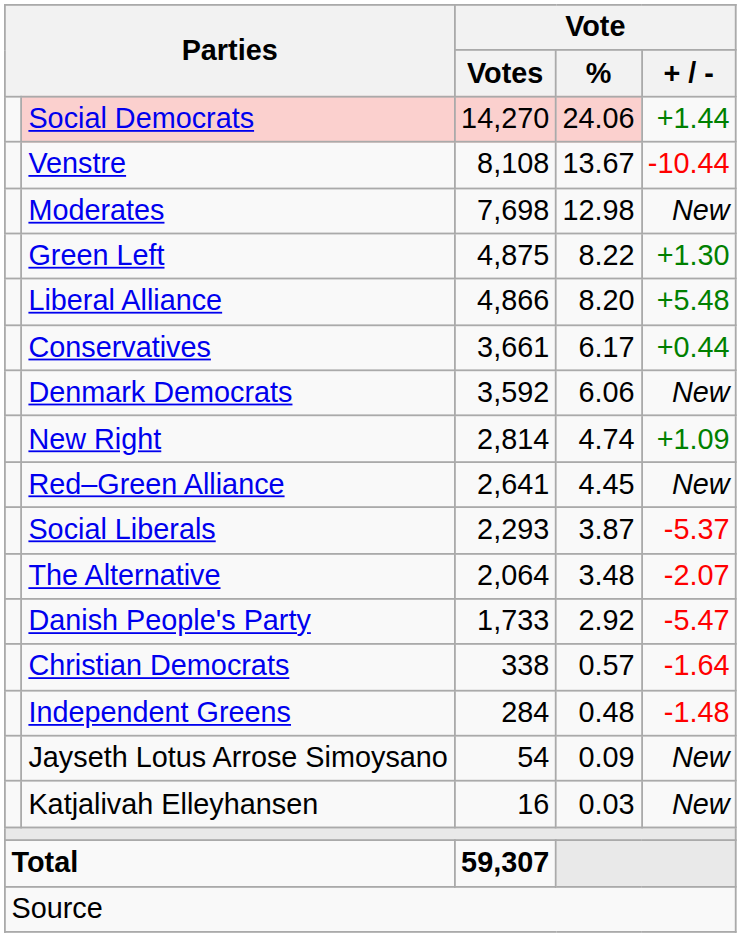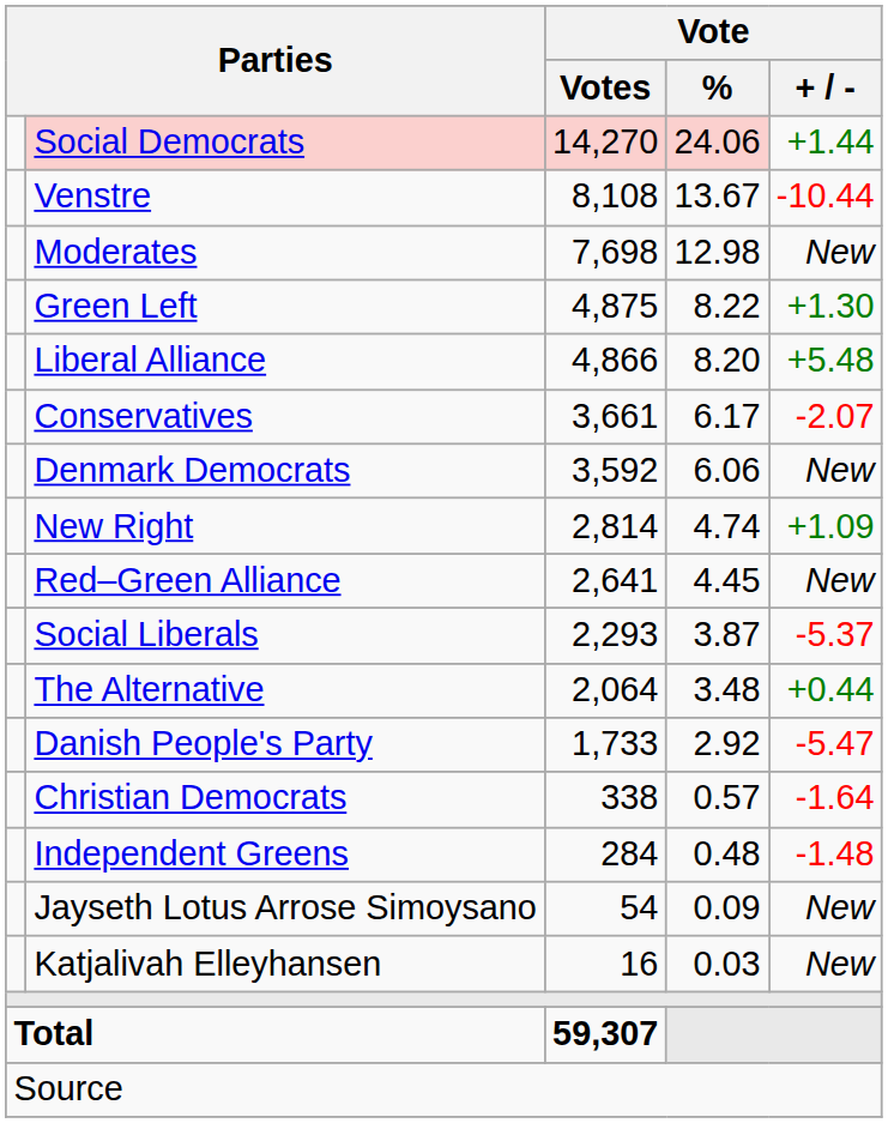 <table class="wikitable" style="text-align:right;">
 <tr>
 <th style="text-align:centre;" rowspan="2" colspan="2" width="225">Parties</th>
 <th colspan="3">Vote</th>
 </tr>
 <tr>
 <th width="15">Votes</th>
 <th width="15">%</th>
 <th width="15">+ / -</th>
 </tr>
 <tr>
 <td width="2" style="color:inherit;background:"></td>
 <td bgcolor=#fbd0ce  align="left"><a href='#'>Social Democrats</a></td>
 <td bgcolor=#fbd0ce>14,270</td>
 <td bgcolor=#fbd0ce>24.06</td>
 <td style=color:green;>+1.44</td>
 </tr>
 <tr>
 <td width="2" style="color:inherit;background:"></td>
 <td align="left"><a href='#'>Venstre</a></td>
 <td>8,108</td>
 <td>13.67</td>
 <td style=color:red;>-10.44</td>
 </tr>
 <tr>
 <td width="2" style="color:inherit;background:"></td>
 <td align="left"><a href='#'>Moderates</a></td>
 <td>7,698</td>
 <td>12.98</td>
 <td><em>New</em></td>
 </tr>
 <tr>
 <td width="2" style="color:inherit;background:"></td>
 <td align="left"><a href='#'>Green Left</a></td>
 <td>4,875</td>
 <td>8.22</td>
 <td style=color:green;>+1.30</td>
 </tr>
 <tr>
 <td width="2" style="color:inherit;background:"></td>
 <td align="left"><a href='#'>Liberal Alliance</a></td>
 <td>4,866</td>
 <td>8.20</td>
 <td style=color:green;>+5.48</td>
 </tr>
 <tr>
 <td width="2" style="color:inherit;background:"></td>
 <td align="left"><a href='#'>Conservatives</a></td>
 <td>3,661</td>
 <td>6.17</td>
-<td style=color:green;>+0.44</td>
+<td style=color:red;>-2.07</td>
 </tr>
 <tr>
 <td width="2" style="color:inherit;background:"></td>
 <td align="left"><a href='#'>Denmark Democrats</a></td>
 <td>3,592</td>
 <td>6.06</td>
 <td><em>New</em></td>
 </tr>
 <tr>
 <td width="2" style="color:inherit;background:"></td>
 <td align="left"><a href='#'>New Right</a></td>
 <td>2,814</td>
 <td>4.74</td>
 <td style=color:green;>+1.09</td>
 </tr>
 <tr>
 <td width="2" style="color:inherit;background:"></td>
 <td align="left"><a href='#'>Red–Green Alliance</a></td>
 <td>2,641</td>
 <td>4.45</td>
 <td><em>New</em></td>
 </tr>
 <tr>
 <td width="2" style="color:inherit;background:"></td>
 <td align="left"><a href='#'>Social Liberals</a></td>
 <td>2,293</td>
 <td>3.87</td>
 <td style=color:red;>-5.37</td>
 </tr>
 <tr>
 <td width="2" style="color:inherit;background:"></td>
 <td align="left"><a href='#'>The Alternative</a></td>
 <td>2,064</td>
 <td>3.48</td>
-<td style=color:red;>-2.07</td>
+<td style=color:green;>+0.44</td>
 </tr>
 <tr>
 <td width="2" style="color:inherit;background:"></td>
 <td align="left"><a href='#'>Danish People's Party</a></td>
 <td>1,733</td>
 <td>2.92</td>
 <td style=color:red;>-5.47</td>
 </tr>
 <tr>
 <td width="2" style="color:inherit;background:"></td>
 <td align="left"><a href='#'>Christian Democrats</a></td>
 <td>338</td>
 <td>0.57</td>
 <td style=color:red;>-1.64</td>
 </tr>
 <tr>
 <td width="2" style="color:inherit;background:"></td>
 <td align="left"><a href='#'>Independent Greens</a></td>
 <td>284</td>
 <td>0.48</td>
 <td style=color:red;>-1.48</td>
 </tr>
 <tr>
 <td width="2" style="color:inherit;background:"></td>
 <td align="left">Jayseth Lotus Arrose Simoysano</td>
 <td>54</td>
 <td>0.09</td>
 <td><em>New</em></td>
 </tr>
 <tr>
 <td width="2" style="color:inherit;background:"></td>
 <td align="left">Katjalivah Elleyhansen</td>
 <td>16</td>
 <td>0.03</td>
 <td><em>New</em></td>
 </tr>
 <tr>
 <td colspan="7" bgcolor="#E9E9E9"></td>
 </tr>
 <tr>
 <td align="left" colspan="2"><strong>Total</strong></td>
 <td><strong>59,307</strong></td>
 <td bgcolor="#E9E9E9" colspan="2"></td>
 </tr>
 <tr>
 <td align="left" colspan="6">Source</td>
 </tr>
 </table>
